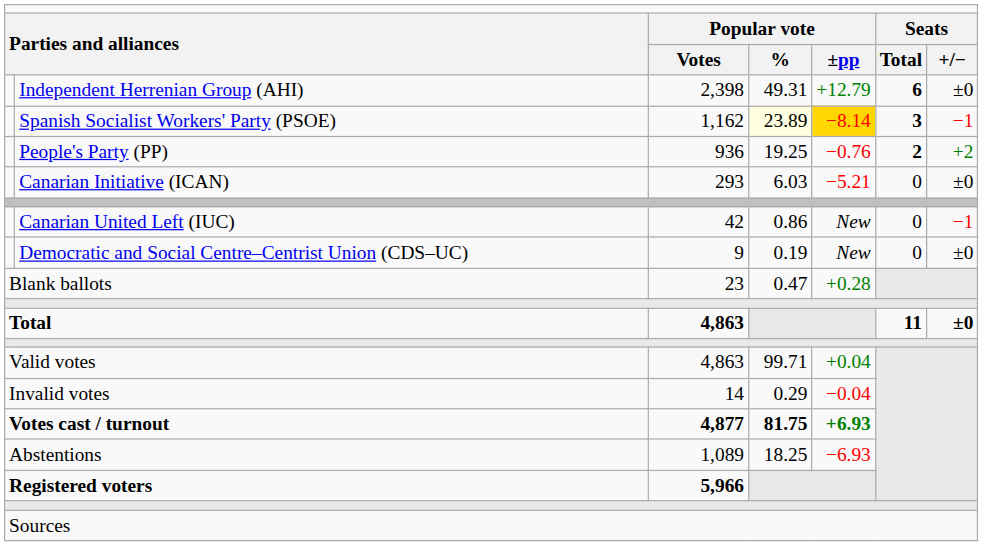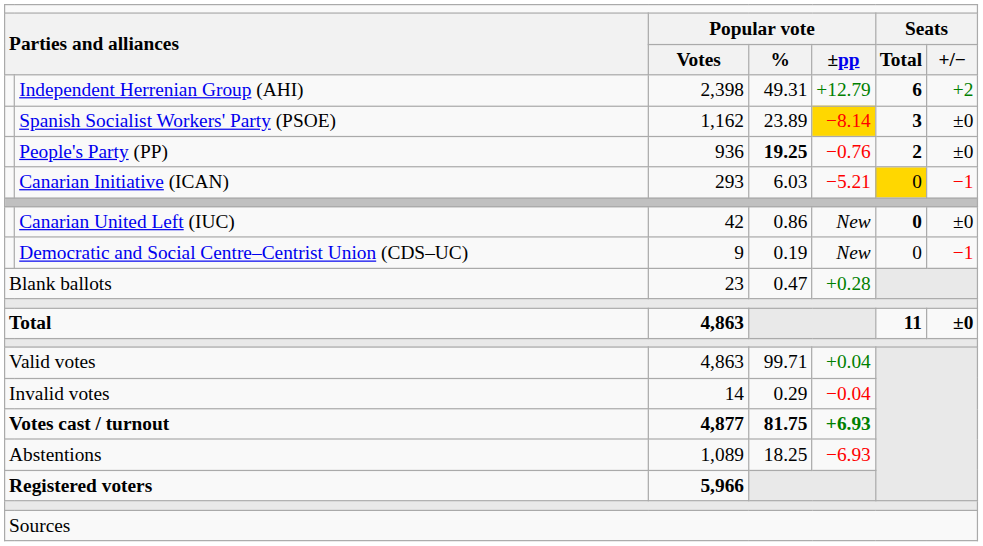 <table class="wikitable" style="text-align:right;">
 <tr>
 <td colspan="7"></td>
 </tr>
 <tr>
 <th style="text-align:left;" rowspan="2" colspan="2" width="525">Parties and alliances</th>
 <th colspan="3">Popular vote</th>
 <th colspan="2">Seats</th>
 </tr>
 <tr>
 <th width="75">Votes</th>
 <th width="45">%</th>
 <th width="45">±<a href='#'>pp</a></th>
 <th width="35">Total</th>
 <th width="35">+/−</th>
 </tr>
 <tr>
 <td width="1" style="color:inherit;background:"></td>
 <td align="left"><a href='#'>Independent Herrenian Group</a> (AHI)</td>
 <td>2,398</td>
 <td>49.31</td>
 <td style="color:green;">+12.79</td>
 <td><strong>6</strong></td>
-<td>±0</td>
+<td style="color:green;">+2</td>
 </tr>
 <tr>
 <td style="color:inherit;background:"></td>
 <td align="left"><a href='#'>Spanish Socialist Workers' Party</a> (PSOE)</td>
 <td>1,162</td>
-<td style="background: lightyellow;">23.89</td>
+<td>23.89</td>
 <td style="background: gold; color:red;">−8.14</td>
 <td><strong>3</strong></td>
-<td style="color:red;">−1</td>
+<td>±0</td>
 </tr>
 <tr>
 <td style="color:inherit;background:"></td>
 <td align="left"><a href='#'>People's Party</a> (PP)</td>
 <td>936</td>
-<td>19.25</td>
+<td><strong>19.25</strong></td>
 <td style="color:red;">−0.76</td>
 <td><strong>2</strong></td>
-<td style="color:green;">+2</td>
+<td>±0</td>
 </tr>
 <tr>
 <td style="color:inherit;background:"></td>
 <td align="left"><a href='#'>Canarian Initiative</a> (ICAN)</td>
 <td>293</td>
 <td>6.03</td>
 <td style="color:red;">−5.21</td>
-<td>0</td>
-<td>±0</td>
+<td style="background: gold;">0</td>
+<td style="color:red;">−1</td>
 </tr>
 <tr>
 <td colspan="7" bgcolor="#C0C0C0"></td>
 </tr>
 <tr>
 <td style="color:inherit;background:"></td>
 <td align="left"><a href='#'>Canarian United Left</a> (IUC)</td>
 <td>42</td>
 <td>0.86</td>
 <td><em>New</em></td>
-<td>0</td>
-<td style="color:red;">−1</td>
+<td><strong>0</strong></td>
+<td>±0</td>
 </tr>
 <tr>
 <td style="color:inherit;background:"></td>
 <td align="left"><a href='#'>Democratic and Social Centre–Centrist Union</a> (CDS–UC)</td>
 <td>9</td>
 <td>0.19</td>
 <td><em>New</em></td>
 <td>0</td>
-<td>±0</td>
+<td style="color:red;">−1</td>
 </tr>
 <tr>
 <td align="left" colspan="2">Blank ballots</td>
 <td>23</td>
 <td>0.47</td>
 <td style="color:green;">+0.28</td>
 <td bgcolor="#E9E9E9" colspan="2"></td>
 </tr>
 <tr>
 <td colspan="7" bgcolor="#E9E9E9"></td>
 </tr>
 <tr style="font-weight:bold;">
 <td align="left" colspan="2">Total</td>
 <td>4,863</td>
 <td bgcolor="#E9E9E9" colspan="2"></td>
 <td>11</td>
 <td>±0</td>
 </tr>
 <tr>
 <td colspan="7" bgcolor="#E9E9E9"></td>
 </tr>
 <tr>
 <td align="left" colspan="2">Valid votes</td>
 <td>4,863</td>
 <td>99.71</td>
 <td style="color:green;">+0.04</td>
 <td bgcolor="#E9E9E9" colspan="2" rowspan="5"></td>
 </tr>
 <tr>
 <td align="left" colspan="2">Invalid votes</td>
 <td>14</td>
 <td>0.29</td>
 <td style="color:red;">−0.04</td>
 </tr>
 <tr style="font-weight:bold;">
 <td align="left" colspan="2">Votes cast / turnout</td>
 <td>4,877</td>
 <td>81.75</td>
 <td style="color:green;">+6.93</td>
 </tr>
 <tr>
 <td align="left" colspan="2">Abstentions</td>
 <td>1,089</td>
 <td>18.25</td>
 <td style="color:red;">−6.93</td>
 </tr>
 <tr style="font-weight:bold;">
 <td align="left" colspan="2">Registered voters</td>
 <td>5,966</td>
 <td bgcolor="#E9E9E9" colspan="2"></td>
 </tr>
 <tr>
 <td colspan="7" bgcolor="#E9E9E9"></td>
 </tr>
 <tr>
 <td align="left" colspan="7">Sources</td>
 </tr>
 </table>
